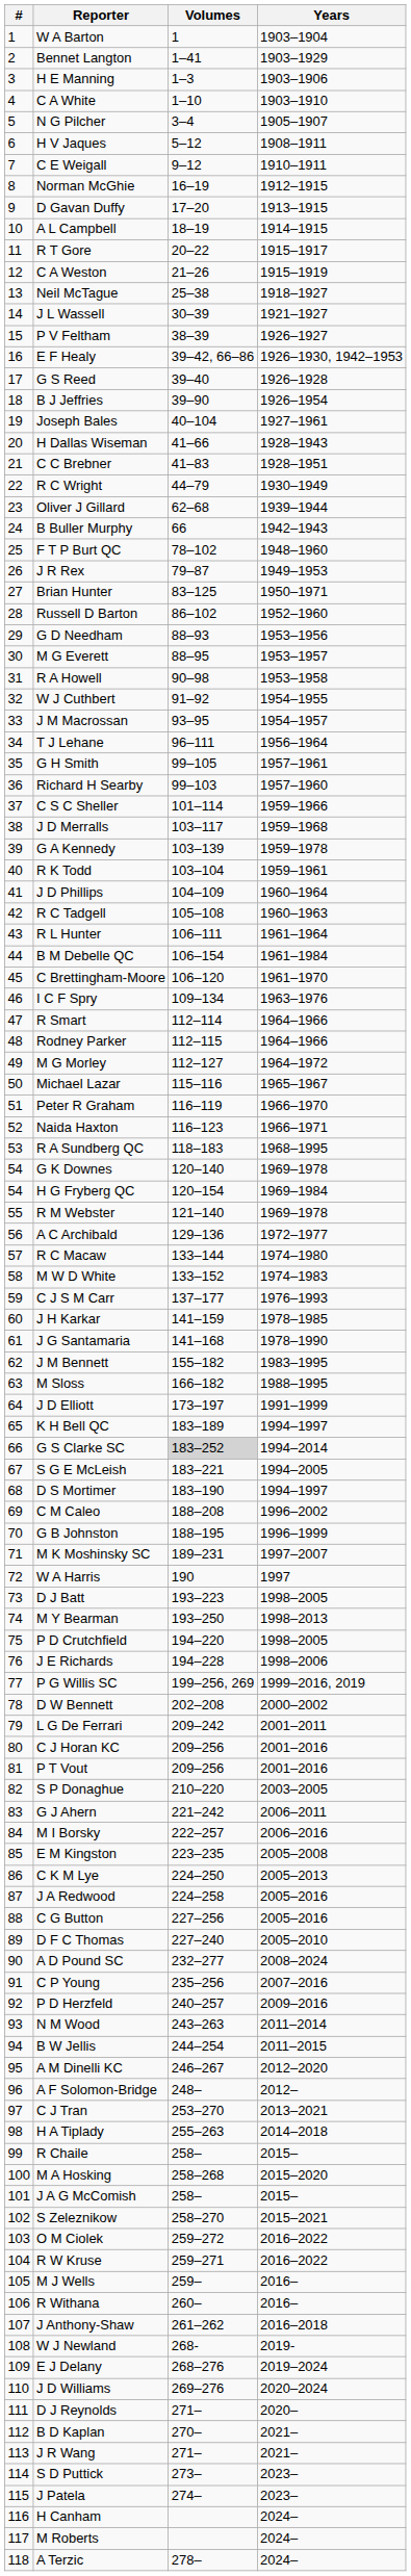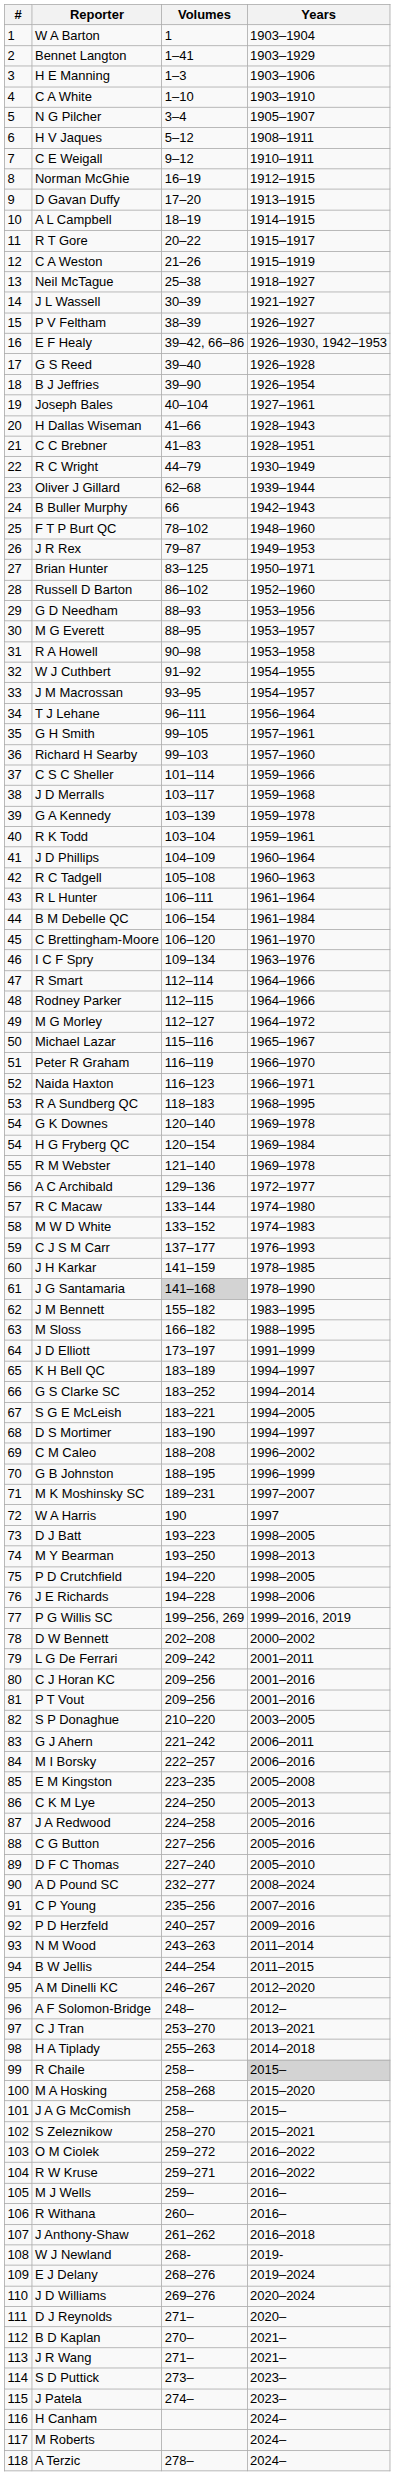 <table class="wikitable">
 <tr>
 <th>#</th>
 <th>Reporter</th>
 <th>Volumes</th>
 <th>Years</th>
 </tr>
 <tr>
 <td>1</td>
 <td>W A Barton</td>
 <td>1</td>
 <td>1903–1904</td>
 </tr>
 <tr>
 <td>2</td>
 <td>Bennet Langton</td>
 <td>1–41</td>
 <td>1903–1929</td>
 </tr>
 <tr>
 <td>3</td>
 <td>H E Manning</td>
 <td>1–3</td>
 <td>1903–1906</td>
 </tr>
 <tr>
 <td>4</td>
 <td>C A White</td>
 <td>1–10</td>
 <td>1903–1910</td>
 </tr>
 <tr>
 <td>5</td>
 <td>N G Pilcher</td>
 <td>3–4</td>
 <td>1905–1907</td>
 </tr>
 <tr>
 <td>6</td>
 <td>H V Jaques</td>
 <td>5–12</td>
 <td>1908–1911</td>
 </tr>
 <tr>
 <td>7</td>
 <td>C E Weigall</td>
 <td>9–12</td>
 <td>1910–1911</td>
 </tr>
 <tr>
 <td>8</td>
 <td>Norman McGhie</td>
 <td>16–19</td>
 <td>1912–1915</td>
 </tr>
 <tr>
 <td>9</td>
 <td>D Gavan Duffy</td>
 <td>17–20</td>
 <td>1913–1915</td>
 </tr>
 <tr>
 <td>10</td>
 <td>A L Campbell</td>
 <td>18–19</td>
 <td>1914–1915</td>
 </tr>
 <tr>
 <td>11</td>
 <td>R T Gore</td>
 <td>20–22</td>
 <td>1915–1917</td>
 </tr>
 <tr>
 <td>12</td>
 <td>C A Weston</td>
 <td>21–26</td>
 <td>1915–1919</td>
 </tr>
 <tr>
 <td>13</td>
 <td>Neil McTague</td>
 <td>25–38</td>
 <td>1918–1927</td>
 </tr>
 <tr>
 <td>14</td>
 <td>J L Wassell</td>
 <td>30–39</td>
 <td>1921–1927</td>
 </tr>
 <tr>
 <td>15</td>
 <td>P V Feltham</td>
 <td>38–39</td>
 <td>1926–1927</td>
 </tr>
 <tr>
 <td>16</td>
 <td>E F Healy</td>
 <td>39–42, 66–86</td>
 <td>1926–1930, 1942–1953</td>
 </tr>
 <tr>
 <td>17</td>
 <td>G S Reed</td>
 <td>39–40</td>
 <td>1926–1928</td>
 </tr>
 <tr>
 <td>18</td>
 <td>B J Jeffries</td>
 <td>39–90</td>
 <td>1926–1954</td>
 </tr>
 <tr>
 <td>19</td>
 <td>Joseph Bales</td>
 <td>40–104</td>
 <td>1927–1961</td>
 </tr>
 <tr>
 <td>20</td>
 <td>H Dallas Wiseman</td>
 <td>41–66</td>
 <td>1928–1943</td>
 </tr>
 <tr>
 <td>21</td>
 <td>C C Brebner</td>
 <td>41–83</td>
 <td>1928–1951</td>
 </tr>
 <tr>
 <td>22</td>
 <td>R C Wright</td>
 <td>44–79</td>
 <td>1930–1949</td>
 </tr>
 <tr>
 <td>23</td>
 <td>Oliver J Gillard</td>
 <td>62–68</td>
 <td>1939–1944</td>
 </tr>
 <tr>
 <td>24</td>
 <td>B Buller Murphy</td>
 <td>66</td>
 <td>1942–1943</td>
 </tr>
 <tr>
 <td>25</td>
 <td>F T P Burt QC</td>
 <td>78–102</td>
 <td>1948–1960</td>
 </tr>
 <tr>
 <td>26</td>
 <td>J R Rex</td>
 <td>79–87</td>
 <td>1949–1953</td>
 </tr>
 <tr>
 <td>27</td>
 <td>Brian Hunter</td>
 <td>83–125</td>
 <td>1950–1971</td>
 </tr>
 <tr>
 <td>28</td>
 <td>Russell D Barton</td>
 <td>86–102</td>
 <td>1952–1960</td>
 </tr>
 <tr>
 <td>29</td>
 <td>G D Needham</td>
 <td>88–93</td>
 <td>1953–1956</td>
 </tr>
 <tr>
 <td>30</td>
 <td>M G Everett</td>
 <td>88–95</td>
 <td>1953–1957</td>
 </tr>
 <tr>
 <td>31</td>
 <td>R A Howell</td>
 <td>90–98</td>
 <td>1953–1958</td>
 </tr>
 <tr>
 <td>32</td>
 <td>W J Cuthbert</td>
 <td>91–92</td>
 <td>1954–1955</td>
 </tr>
 <tr>
 <td>33</td>
 <td>J M Macrossan</td>
 <td>93–95</td>
 <td>1954–1957</td>
 </tr>
 <tr>
 <td>34</td>
 <td>T J Lehane</td>
 <td>96–111</td>
 <td>1956–1964</td>
 </tr>
 <tr>
 <td>35</td>
 <td>G H Smith</td>
 <td>99–105</td>
 <td>1957–1961</td>
 </tr>
 <tr>
 <td>36</td>
 <td>Richard H Searby</td>
 <td>99–103</td>
 <td>1957–1960</td>
 </tr>
 <tr>
 <td>37</td>
 <td>C S C Sheller</td>
 <td>101–114</td>
 <td>1959–1966</td>
 </tr>
 <tr>
 <td>38</td>
 <td>J D Merralls</td>
 <td>103–117</td>
 <td>1959–1968</td>
 </tr>
 <tr>
 <td>39</td>
 <td>G A Kennedy</td>
 <td>103–139</td>
 <td>1959–1978</td>
 </tr>
 <tr>
 <td>40</td>
 <td>R K Todd</td>
 <td>103–104</td>
 <td>1959–1961</td>
 </tr>
 <tr>
 <td>41</td>
 <td>J D Phillips</td>
 <td>104–109</td>
 <td>1960–1964</td>
 </tr>
 <tr>
 <td>42</td>
 <td>R C Tadgell</td>
 <td>105–108</td>
 <td>1960–1963</td>
 </tr>
 <tr>
 <td>43</td>
 <td>R L Hunter</td>
 <td>106–111</td>
 <td>1961–1964</td>
 </tr>
 <tr>
 <td>44</td>
 <td>B M Debelle QC</td>
 <td>106–154</td>
 <td>1961–1984</td>
 </tr>
 <tr>
 <td>45</td>
 <td>C Brettingham-Moore</td>
 <td>106–120</td>
 <td>1961–1970</td>
 </tr>
 <tr>
 <td>46</td>
 <td>I C F Spry</td>
 <td>109–134</td>
 <td>1963–1976</td>
 </tr>
 <tr>
 <td>47</td>
 <td>R Smart</td>
 <td>112–114</td>
 <td>1964–1966</td>
 </tr>
 <tr>
 <td>48</td>
 <td>Rodney Parker</td>
 <td>112–115</td>
 <td>1964–1966</td>
 </tr>
 <tr>
 <td>49</td>
 <td>M G Morley</td>
 <td>112–127</td>
 <td>1964–1972</td>
 </tr>
 <tr>
 <td>50</td>
 <td>Michael Lazar</td>
 <td>115–116</td>
 <td>1965–1967</td>
 </tr>
 <tr>
 <td>51</td>
 <td>Peter R Graham</td>
 <td>116–119</td>
 <td>1966–1970</td>
 </tr>
 <tr>
 <td>52</td>
 <td>Naida Haxton</td>
 <td>116–123</td>
 <td>1966–1971</td>
 </tr>
 <tr>
 <td>53</td>
 <td>R A Sundberg QC</td>
 <td>118–183</td>
 <td>1968–1995</td>
 </tr>
 <tr>
 <td>54</td>
 <td>G K Downes</td>
 <td>120–140</td>
 <td>1969–1978</td>
 </tr>
 <tr>
 <td>54</td>
 <td>H G Fryberg QC</td>
 <td>120–154</td>
 <td>1969–1984</td>
 </tr>
 <tr>
 <td>55</td>
 <td>R M Webster</td>
 <td>121–140</td>
 <td>1969–1978</td>
 </tr>
 <tr>
 <td>56</td>
 <td>A C Archibald</td>
 <td>129–136</td>
 <td>1972–1977</td>
 </tr>
 <tr>
 <td>57</td>
 <td>R C Macaw</td>
 <td>133–144</td>
 <td>1974–1980</td>
 </tr>
 <tr>
 <td>58</td>
 <td>M W D White</td>
 <td>133–152</td>
 <td>1974–1983</td>
 </tr>
 <tr>
 <td>59</td>
 <td>C J S M Carr</td>
 <td>137–177</td>
 <td>1976–1993</td>
 </tr>
 <tr>
 <td>60</td>
 <td>J H Karkar</td>
 <td>141–159</td>
 <td>1978–1985</td>
 </tr>
 <tr>
 <td>61</td>
 <td>J G Santamaria</td>
-<td>141–168</td>
+<td style="background: lightgrey;">141–168</td>
 <td>1978–1990</td>
 </tr>
 <tr>
 <td>62</td>
 <td>J M Bennett</td>
 <td>155–182</td>
 <td>1983–1995</td>
 </tr>
 <tr>
 <td>63</td>
 <td>M Sloss</td>
 <td>166–182</td>
 <td>1988–1995</td>
 </tr>
 <tr>
 <td>64</td>
 <td>J D Elliott</td>
 <td>173–197</td>
 <td>1991–1999</td>
 </tr>
 <tr>
 <td>65</td>
 <td>K H Bell QC</td>
 <td>183–189</td>
 <td>1994–1997</td>
 </tr>
 <tr>
 <td>66</td>
 <td>G S Clarke SC</td>
-<td style="background: lightgrey;">183–252</td>
+<td>183–252</td>
 <td>1994–2014</td>
 </tr>
 <tr>
 <td>67</td>
 <td>S G E McLeish</td>
 <td>183–221</td>
 <td>1994–2005</td>
 </tr>
 <tr>
 <td>68</td>
 <td>D S Mortimer</td>
 <td>183–190</td>
 <td>1994–1997</td>
 </tr>
 <tr>
 <td>69</td>
 <td>C M Caleo</td>
 <td>188–208</td>
 <td>1996–2002</td>
 </tr>
 <tr>
 <td>70</td>
 <td>G B Johnston</td>
 <td>188–195</td>
 <td>1996–1999</td>
 </tr>
 <tr>
 <td>71</td>
 <td>M K Moshinsky SC</td>
 <td>189–231</td>
 <td>1997–2007</td>
 </tr>
 <tr>
 <td>72</td>
 <td>W A Harris</td>
 <td>190</td>
 <td>1997</td>
 </tr>
 <tr>
 <td>73</td>
 <td>D J Batt</td>
 <td>193–223</td>
 <td>1998–2005</td>
 </tr>
 <tr>
 <td>74</td>
 <td>M Y Bearman</td>
 <td>193–250</td>
 <td>1998–2013</td>
 </tr>
 <tr>
 <td>75</td>
 <td>P D Crutchfield</td>
 <td>194–220</td>
 <td>1998–2005</td>
 </tr>
 <tr>
 <td>76</td>
 <td>J E Richards</td>
 <td>194–228</td>
 <td>1998–2006</td>
 </tr>
 <tr>
 <td>77</td>
 <td>P G Willis SC</td>
 <td>199–256, 269</td>
 <td>1999–2016, 2019</td>
 </tr>
 <tr>
 <td>78</td>
 <td>D W Bennett</td>
 <td>202–208</td>
 <td>2000–2002</td>
 </tr>
 <tr>
 <td>79</td>
 <td>L G De Ferrari</td>
 <td>209–242</td>
 <td>2001–2011</td>
 </tr>
 <tr>
 <td>80</td>
 <td>C J Horan KC</td>
 <td>209–256</td>
 <td>2001–2016</td>
 </tr>
 <tr>
 <td>81</td>
 <td>P T Vout</td>
 <td>209–256</td>
 <td>2001–2016</td>
 </tr>
 <tr>
 <td>82</td>
 <td>S P Donaghue</td>
 <td>210–220</td>
 <td>2003–2005</td>
 </tr>
 <tr>
 <td>83</td>
 <td>G J Ahern</td>
 <td>221–242</td>
 <td>2006–2011</td>
 </tr>
 <tr>
 <td>84</td>
 <td>M I Borsky</td>
 <td>222–257</td>
 <td>2006–2016</td>
 </tr>
 <tr>
 <td>85</td>
 <td>E M Kingston</td>
 <td>223–235</td>
 <td>2005–2008</td>
 </tr>
 <tr>
 <td>86</td>
 <td>C K M Lye</td>
 <td>224–250</td>
 <td>2005–2013</td>
 </tr>
 <tr>
 <td>87</td>
 <td>J A Redwood</td>
 <td>224–258</td>
 <td>2005–2016</td>
 </tr>
 <tr>
 <td>88</td>
 <td>C G Button</td>
 <td>227–256</td>
 <td>2005–2016</td>
 </tr>
 <tr>
 <td>89</td>
 <td>D F C Thomas</td>
 <td>227–240</td>
 <td>2005–2010</td>
 </tr>
 <tr>
 <td>90</td>
 <td>A D Pound SC</td>
 <td>232–277</td>
 <td>2008–2024</td>
 </tr>
 <tr>
 <td>91</td>
 <td>C P Young</td>
 <td>235–256</td>
 <td>2007–2016</td>
 </tr>
 <tr>
 <td>92</td>
 <td>P D Herzfeld</td>
 <td>240–257</td>
 <td>2009–2016</td>
 </tr>
 <tr>
 <td>93</td>
 <td>N M Wood</td>
 <td>243–263</td>
 <td>2011–2014</td>
 </tr>
 <tr>
 <td>94</td>
 <td>B W Jellis</td>
 <td>244–254</td>
 <td>2011–2015</td>
 </tr>
 <tr>
 <td>95</td>
 <td>A M Dinelli KC</td>
 <td>246–267</td>
 <td>2012–2020</td>
 </tr>
 <tr>
 <td>96</td>
 <td>A F Solomon-Bridge</td>
 <td>248–</td>
 <td>2012–</td>
 </tr>
 <tr>
 <td>97</td>
 <td>C J Tran</td>
 <td>253–270</td>
 <td>2013–2021</td>
 </tr>
 <tr>
 <td>98</td>
 <td>H A Tiplady</td>
 <td>255–263</td>
 <td>2014–2018</td>
 </tr>
 <tr>
 <td>99</td>
 <td>R Chaile</td>
 <td>258–</td>
-<td>2015–</td>
+<td style="background: lightgrey;">2015–</td>
 </tr>
 <tr>
 <td>100</td>
 <td>M A Hosking</td>
 <td>258–268</td>
 <td>2015–2020</td>
 </tr>
 <tr>
 <td>101</td>
 <td>J A G McComish</td>
 <td>258–</td>
 <td>2015–</td>
 </tr>
 <tr>
 <td>102</td>
 <td>S Zeleznikow</td>
 <td>258–270</td>
 <td>2015–2021</td>
 </tr>
 <tr>
 <td>103</td>
 <td>O M Ciolek</td>
 <td>259–272</td>
 <td>2016–2022</td>
 </tr>
 <tr>
 <td>104</td>
 <td>R W Kruse</td>
 <td>259–271</td>
 <td>2016–2022</td>
 </tr>
 <tr>
 <td>105</td>
 <td>M J Wells</td>
 <td>259–</td>
 <td>2016–</td>
 </tr>
 <tr>
 <td>106</td>
 <td>R Withana</td>
 <td>260–</td>
 <td>2016–</td>
 </tr>
 <tr>
 <td>107</td>
 <td>J Anthony-Shaw</td>
 <td>261–262</td>
 <td>2016–2018</td>
 </tr>
 <tr>
 <td>108</td>
 <td>W J Newland</td>
 <td>268-</td>
 <td>2019-</td>
 </tr>
 <tr>
 <td>109</td>
 <td>E J Delany</td>
 <td>268–276</td>
 <td>2019–2024</td>
 </tr>
 <tr>
 <td>110</td>
 <td>J D Williams</td>
 <td>269–276</td>
 <td>2020–2024</td>
 </tr>
 <tr>
 <td>111</td>
 <td>D J Reynolds</td>
 <td>271–</td>
 <td>2020–</td>
 </tr>
 <tr>
 <td>112</td>
 <td>B D Kaplan</td>
 <td>270–</td>
 <td>2021–</td>
 </tr>
 <tr>
 <td>113</td>
 <td>J R Wang</td>
 <td>271–</td>
 <td>2021–</td>
 </tr>
 <tr>
 <td>114</td>
 <td>S D Puttick</td>
 <td>273–</td>
 <td>2023–</td>
 </tr>
 <tr>
 <td>115</td>
 <td>J Patela</td>
 <td>274–</td>
 <td>2023–</td>
 </tr>
 <tr>
 <td>116</td>
 <td>H Canham</td>
 <td></td>
 <td>2024–</td>
 </tr>
 <tr>
 <td>117</td>
 <td>M Roberts</td>
 <td></td>
 <td>2024–</td>
 </tr>
 <tr>
 <td>118</td>
 <td>A Terzic</td>
 <td>278–</td>
 <td>2024–</td>
 </tr>
 </table>
